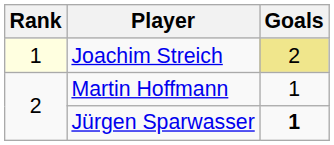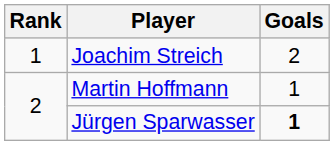 <table class="wikitable" style="text-align: left;">
 <tr>
 <th>Rank</th>
 <th>Player</th>
 <th>Goals</th>
 </tr>
 <tr>
-<td align=center style="background: lightyellow;">1</td>
+<td align=center>1</td>
 <td><a href='#'>Joachim Streich</a></td>
-<td align=center style="background: khaki;">2</td>
+<td align=center>2</td>
 </tr>
 <tr>
 <td rowspan=2 align=center>2</td>
 <td><a href='#'>Martin Hoffmann</a></td>
 <td align=center>1</td>
 </tr>
 <tr>
 <td><a href='#'>Jürgen Sparwasser</a></td>
 <td align=center><strong>1</strong></td>
 </tr>
 </table>
